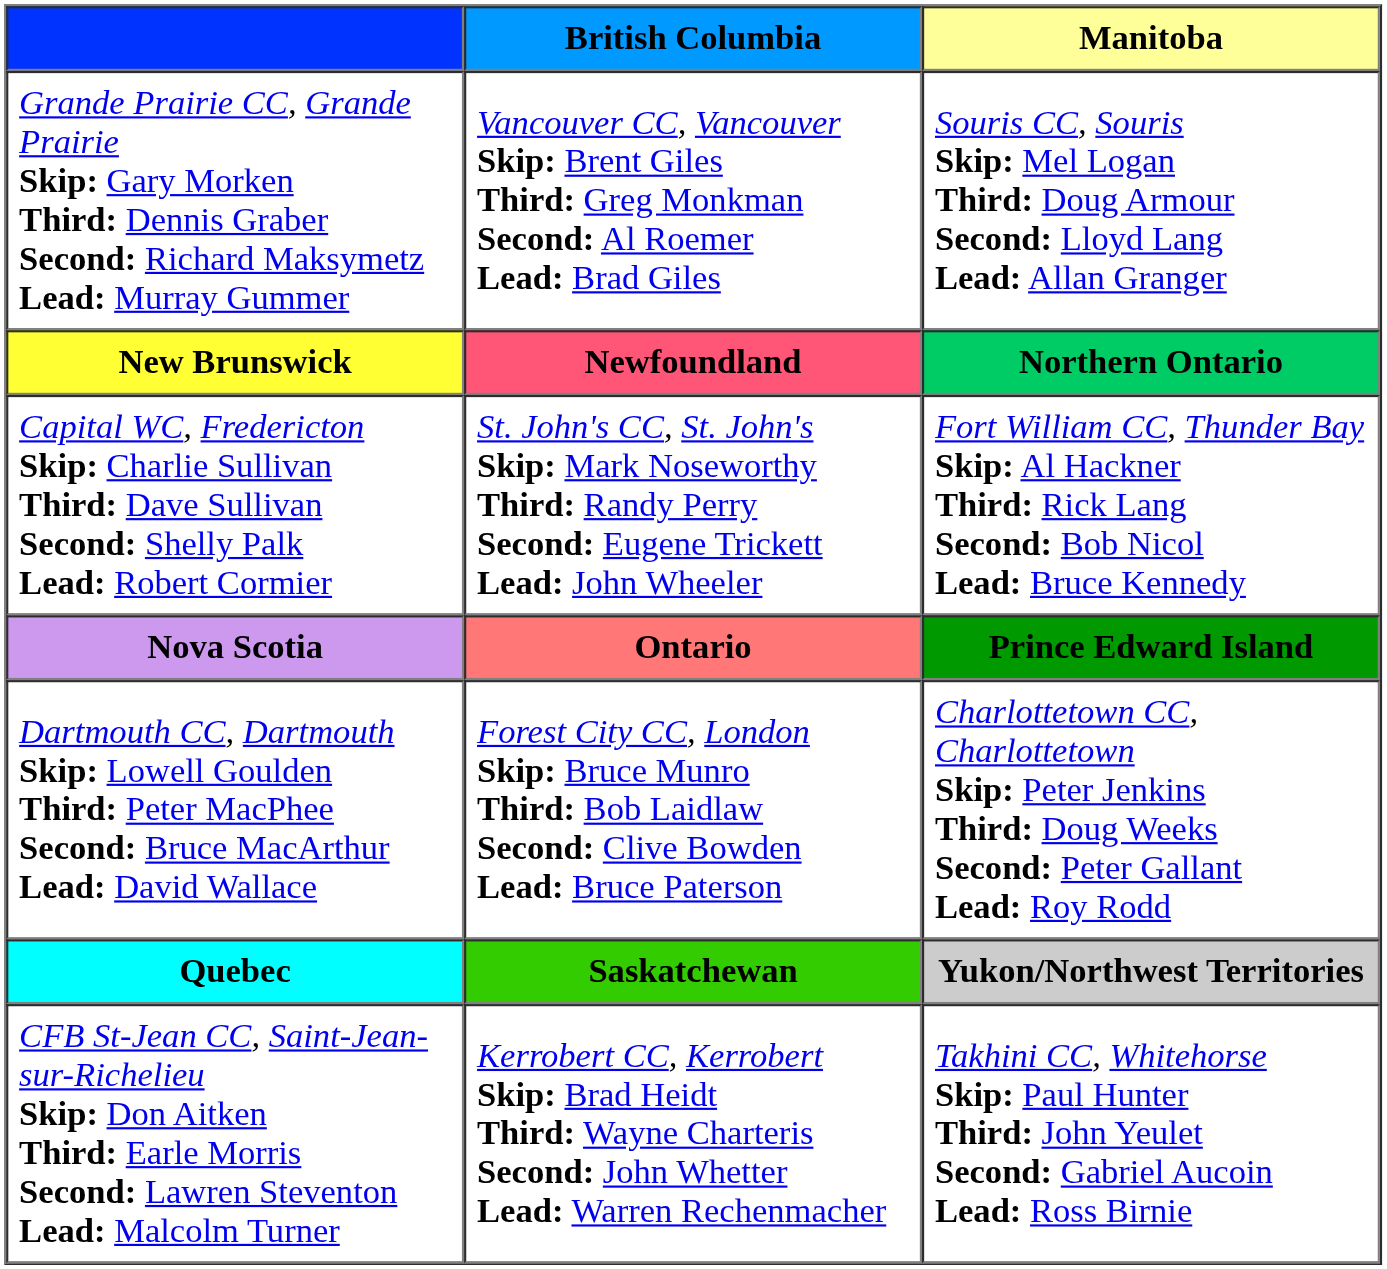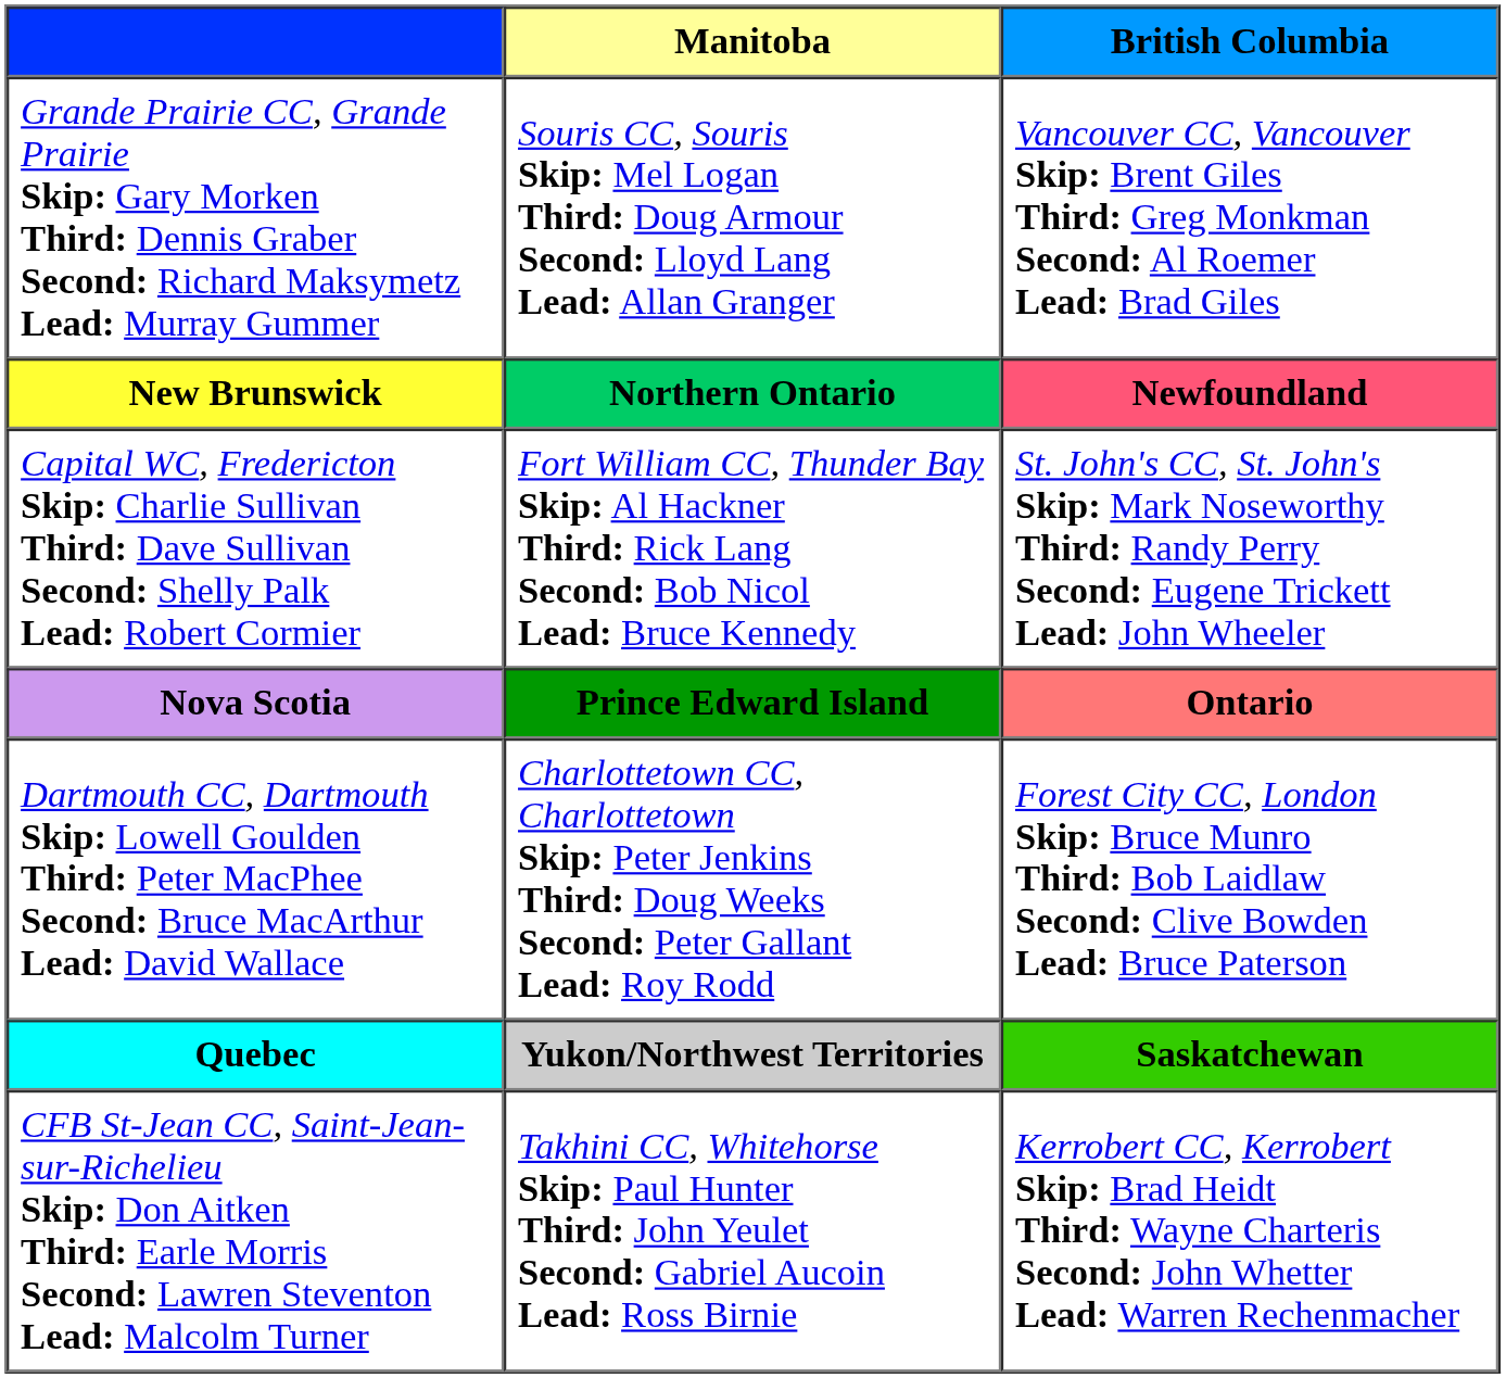 <table border=1 cellpadding=5 cellspacing=0>
 <tr>
 <th style="background:#03f; width:200px;"></th>
+<th style="background:#ff9; width:200px;">Manitoba</th>
 <th style="background:#09f; width:200px;">British Columbia</th>
-<th style="background:#ff9; width:200px;">Manitoba</th>
 </tr>
 <tr>
 <td><em><a href='#'>Grande Prairie CC</a>, <a href='#'>Grande Prairie</a></em><br><strong>Skip:</strong> <a href='#'>Gary Morken</a><br> <strong>Third:</strong> <a href='#'>Dennis Graber</a><br> <strong>Second:</strong> <a href='#'>Richard Maksymetz</a><br> <strong>Lead:</strong> <a href='#'>Murray Gummer</a><br></td>
+<td><em><a href='#'>Souris CC</a>, <a href='#'>Souris</a></em><br><strong>Skip:</strong> <a href='#'>Mel Logan</a><br> <strong>Third:</strong> <a href='#'>Doug Armour</a><br> <strong>Second:</strong> <a href='#'>Lloyd Lang</a><br> <strong>Lead:</strong> <a href='#'>Allan Granger</a></td>
 <td><em><a href='#'>Vancouver CC</a>, <a href='#'>Vancouver</a></em><br><strong>Skip:</strong> <a href='#'>Brent Giles</a><br> <strong>Third:</strong> <a href='#'>Greg Monkman</a><br> <strong>Second:</strong> <a href='#'>Al Roemer</a><br> <strong>Lead:</strong> <a href='#'>Brad Giles</a></td>
-<td><em><a href='#'>Souris CC</a>, <a href='#'>Souris</a></em><br><strong>Skip:</strong> <a href='#'>Mel Logan</a><br> <strong>Third:</strong> <a href='#'>Doug Armour</a><br> <strong>Second:</strong> <a href='#'>Lloyd Lang</a><br> <strong>Lead:</strong> <a href='#'>Allan Granger</a></td>
 </tr>
 <tr>
 <th style="background:#ff3; width:200px;">New Brunswick</th>
+<th style="background:#0c6; width:200px;">Northern Ontario</th>
 <th style="background:#f57; width:200px;">Newfoundland</th>
-<th style="background:#0c6; width:200px;">Northern Ontario</th>
 </tr>
 <tr>
 <td><em><a href='#'>Capital WC</a>, <a href='#'>Fredericton</a></em><br><strong>Skip:</strong> <a href='#'>Charlie Sullivan</a><br> <strong>Third:</strong> <a href='#'>Dave Sullivan</a><br> <strong>Second:</strong> <a href='#'>Shelly Palk</a><br> <strong>Lead:</strong> <a href='#'>Robert Cormier</a></td>
+<td><em><a href='#'>Fort William CC</a>, <a href='#'>Thunder Bay</a></em><br><strong>Skip:</strong> <a href='#'>Al Hackner</a><br> <strong>Third:</strong> <a href='#'>Rick Lang</a><br> <strong>Second:</strong> <a href='#'>Bob Nicol</a><br> <strong>Lead:</strong> <a href='#'>Bruce Kennedy</a></td>
 <td><em><a href='#'>St. John's CC</a>, <a href='#'>St. John's</a></em><br><strong>Skip:</strong> <a href='#'>Mark Noseworthy</a><br> <strong>Third:</strong> <a href='#'>Randy Perry</a><br> <strong>Second:</strong> <a href='#'>Eugene Trickett</a><br> <strong>Lead:</strong> <a href='#'>John Wheeler</a></td>
-<td><em><a href='#'>Fort William CC</a>, <a href='#'>Thunder Bay</a></em><br><strong>Skip:</strong> <a href='#'>Al Hackner</a><br> <strong>Third:</strong> <a href='#'>Rick Lang</a><br> <strong>Second:</strong> <a href='#'>Bob Nicol</a><br> <strong>Lead:</strong> <a href='#'>Bruce Kennedy</a></td>
 </tr>
 <tr>
 <th style="background:#c9e; width:200px;">Nova Scotia</th>
+<th style="background:#090; width:200px;">Prince Edward Island</th>
 <th style="background:#f77; width:200px;">Ontario</th>
-<th style="background:#090; width:200px;">Prince Edward Island</th>
 </tr>
 <tr>
 <td><em><a href='#'>Dartmouth CC</a>, <a href='#'>Dartmouth</a></em><br><strong>Skip:</strong> <a href='#'>Lowell Goulden</a><br> <strong>Third:</strong> <a href='#'>Peter MacPhee</a><br> <strong>Second:</strong> <a href='#'>Bruce MacArthur</a><br> <strong>Lead:</strong> <a href='#'>David Wallace</a></td>
+<td><em><a href='#'>Charlottetown CC</a>, <a href='#'>Charlottetown</a></em><br><strong>Skip:</strong> <a href='#'>Peter Jenkins</a><br> <strong>Third:</strong> <a href='#'>Doug Weeks</a><br> <strong>Second:</strong> <a href='#'>Peter Gallant</a><br> <strong>Lead:</strong> <a href='#'>Roy Rodd</a></td>
 <td><em><a href='#'>Forest City CC</a>, <a href='#'>London</a></em><br><strong>Skip:</strong> <a href='#'>Bruce Munro</a><br> <strong>Third:</strong> <a href='#'>Bob Laidlaw</a><br> <strong>Second:</strong> <a href='#'>Clive Bowden</a><br> <strong>Lead:</strong> <a href='#'>Bruce Paterson</a></td>
-<td><em><a href='#'>Charlottetown CC</a>, <a href='#'>Charlottetown</a></em><br><strong>Skip:</strong> <a href='#'>Peter Jenkins</a><br> <strong>Third:</strong> <a href='#'>Doug Weeks</a><br> <strong>Second:</strong> <a href='#'>Peter Gallant</a><br> <strong>Lead:</strong> <a href='#'>Roy Rodd</a></td>
 </tr>
 <tr>
 <th style="background:#0ff; width:200px;">Quebec</th>
+<th style="background:#ccc; width:200px;">Yukon/Northwest Territories</th>
 <th style="background:#3c0; width:200px;">Saskatchewan</th>
-<th style="background:#ccc; width:200px;">Yukon/Northwest Territories</th>
 </tr>
 <tr>
 <td><em><a href='#'>CFB St-Jean CC</a>, <a href='#'>Saint-Jean-sur-Richelieu</a></em><br><strong>Skip:</strong> <a href='#'>Don Aitken</a><br> <strong>Third:</strong> <a href='#'>Earle Morris</a><br> <strong>Second:</strong> <a href='#'>Lawren Steventon</a><br> <strong>Lead:</strong> <a href='#'>Malcolm Turner</a></td>
+<td><em><a href='#'>Takhini CC</a>, <a href='#'>Whitehorse</a></em><br><strong>Skip:</strong> <a href='#'>Paul Hunter</a><br> <strong>Third:</strong> <a href='#'>John Yeulet</a><br> <strong>Second:</strong> <a href='#'>Gabriel Aucoin</a><br> <strong>Lead:</strong> <a href='#'>Ross Birnie</a></td>
 <td><em><a href='#'>Kerrobert CC</a>, <a href='#'>Kerrobert</a></em><br><strong>Skip:</strong> <a href='#'>Brad Heidt</a><br> <strong>Third:</strong> <a href='#'>Wayne Charteris</a><br> <strong>Second:</strong> <a href='#'>John Whetter</a><br> <strong>Lead:</strong> <a href='#'>Warren Rechenmacher</a></td>
-<td><em><a href='#'>Takhini CC</a>, <a href='#'>Whitehorse</a></em><br><strong>Skip:</strong> <a href='#'>Paul Hunter</a><br> <strong>Third:</strong> <a href='#'>John Yeulet</a><br> <strong>Second:</strong> <a href='#'>Gabriel Aucoin</a><br> <strong>Lead:</strong> <a href='#'>Ross Birnie</a></td>
 </tr>
 </table>
